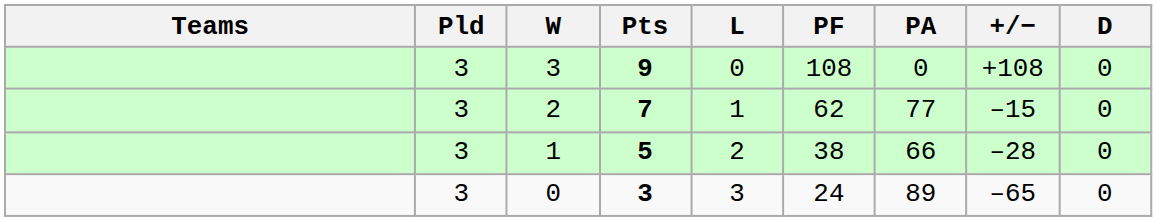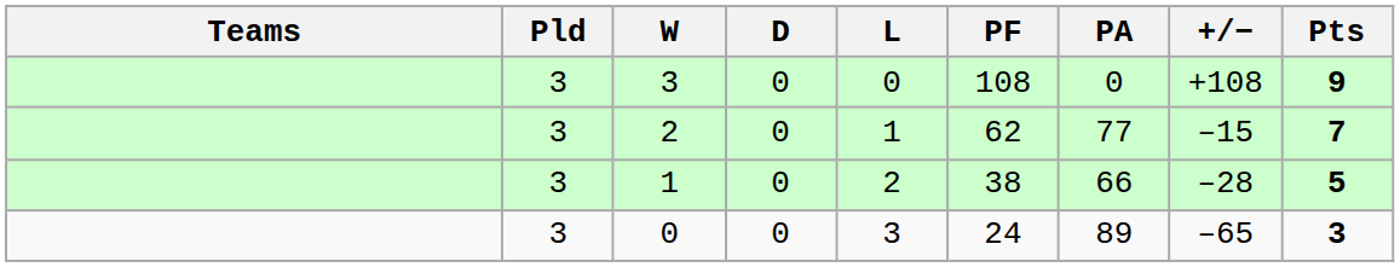 <table class="wikitable" style="text-align: center;">
 <tr>
 <th width="200">Teams</th>
 <th width="40">Pld</th>
 <th width="40">W</th>
-<th width="40">Pts</th>
+<th width="40">D</th>
 <th width="40">L</th>
 <th width="40">PF</th>
 <th width="40">PA</th>
 <th width="40">+/−</th>
-<th width="40">D</th>
+<th width="40">Pts</th>
 </tr>
 <tr style="background:#cfc; width:20px;">
 <td align=left></td>
 <td>3</td>
 <td>3</td>
-<td><strong>9</strong></td>
+<td>0</td>
 <td>0</td>
 <td>108</td>
 <td>0</td>
 <td>+108</td>
-<td>0</td>
+<td><strong>9</strong></td>
 </tr>
 <tr style="background:#cfc; width:20px;">
 <td align=left></td>
 <td>3</td>
 <td>2</td>
-<td><strong>7</strong></td>
+<td>0</td>
 <td>1</td>
 <td>62</td>
 <td>77</td>
 <td>–15</td>
-<td>0</td>
+<td><strong>7</strong></td>
 </tr>
 <tr style="background:#cfc; width:20px;">
 <td align=left></td>
 <td>3</td>
 <td>1</td>
-<td><strong>5</strong></td>
+<td>0</td>
 <td>2</td>
 <td>38</td>
 <td>66</td>
 <td>–28</td>
-<td>0</td>
+<td><strong>5</strong></td>
 </tr>
 <tr>
 <td align=left></td>
 <td>3</td>
 <td>0</td>
-<td><strong>3</strong></td>
+<td>0</td>
 <td>3</td>
 <td>24</td>
 <td>89</td>
 <td>–65</td>
-<td>0</td>
+<td><strong>3</strong></td>
 </tr>
 </table>
